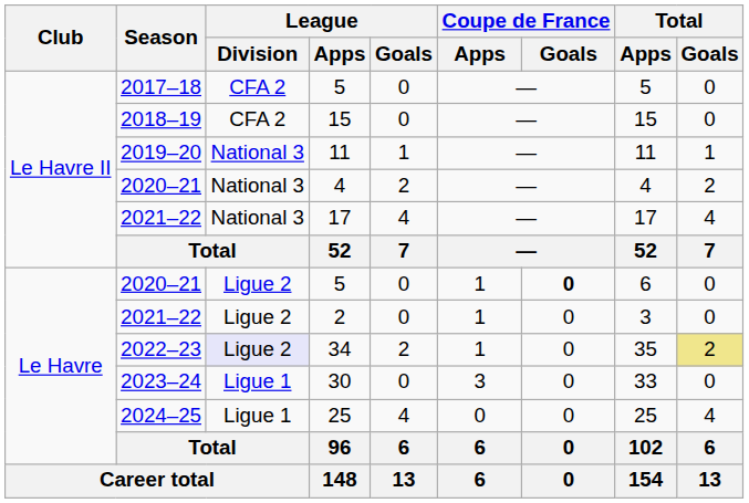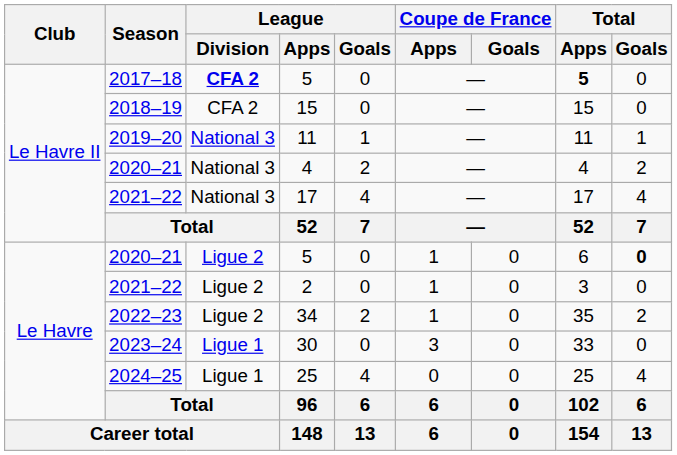 <table class="wikitable" style="text-align:center">
 <tr>
 <th rowspan="2">Club</th>
 <th rowspan="2">Season</th>
 <th colspan="3">League</th>
 <th colspan="2"><a href='#'>Coupe de France</a></th>
 <th colspan="2">Total</th>
 </tr>
 <tr>
 <th>Division</th>
 <th>Apps</th>
 <th>Goals</th>
 <th>Apps</th>
 <th>Goals</th>
 <th>Apps</th>
 <th>Goals</th>
 </tr>
 <tr>
 <td rowspan="6"><a href='#'>Le Havre II</a></td>
 <td><a href='#'>2017–18</a></td>
-<td><a href='#'>CFA 2</a></td>
+<td><strong><a href='#'>CFA 2</a></strong></td>
 <td>5</td>
 <td>0</td>
 <td colspan="2">—</td>
-<td>5</td>
+<td><strong>5</strong></td>
 <td>0</td>
 </tr>
 <tr>
 <td><a href='#'>2018–19</a></td>
 <td>CFA 2</td>
 <td>15</td>
 <td>0</td>
 <td colspan="2">—</td>
 <td>15</td>
 <td>0</td>
 </tr>
 <tr>
 <td><a href='#'>2019–20</a></td>
 <td><a href='#'>National 3</a></td>
 <td>11</td>
 <td>1</td>
 <td colspan="2">—</td>
 <td>11</td>
 <td>1</td>
 </tr>
 <tr>
 <td><a href='#'>2020–21</a></td>
 <td>National 3</td>
 <td>4</td>
 <td>2</td>
 <td colspan="2">—</td>
 <td>4</td>
 <td>2</td>
 </tr>
 <tr>
 <td><a href='#'>2021–22</a></td>
 <td>National 3</td>
 <td>17</td>
 <td>4</td>
 <td colspan="2">—</td>
 <td>17</td>
 <td>4</td>
 </tr>
 <tr>
 <th colspan="2">Total</th>
 <th>52</th>
 <th>7</th>
 <th colspan="2">—</th>
 <th>52</th>
 <th>7</th>
 </tr>
 <tr>
 <td rowspan="6"><a href='#'>Le Havre</a></td>
 <td><a href='#'>2020–21</a></td>
 <td><a href='#'>Ligue 2</a></td>
 <td>5</td>
 <td>0</td>
 <td>1</td>
+<td>0</td>
+<td>6</td>
 <td><strong>0</strong></td>
-<td>6</td>
-<td>0</td>
 </tr>
 <tr>
 <td><a href='#'>2021–22</a></td>
 <td>Ligue 2</td>
 <td>2</td>
 <td>0</td>
 <td>1</td>
 <td>0</td>
 <td>3</td>
 <td>0</td>
 </tr>
 <tr>
 <td><a href='#'>2022–23</a></td>
-<td style="background: lavender;">Ligue 2</td>
+<td>Ligue 2</td>
 <td>34</td>
 <td>2</td>
 <td>1</td>
 <td>0</td>
 <td>35</td>
-<td style="background: khaki;">2</td>
+<td>2</td>
 </tr>
 <tr>
 <td><a href='#'>2023–24</a></td>
 <td><a href='#'>Ligue 1</a></td>
 <td>30</td>
 <td>0</td>
 <td>3</td>
 <td>0</td>
 <td>33</td>
 <td>0</td>
 </tr>
 <tr>
 <td><a href='#'>2024–25</a></td>
 <td>Ligue 1</td>
 <td>25</td>
 <td>4</td>
 <td>0</td>
 <td>0</td>
 <td>25</td>
 <td>4</td>
 </tr>
 <tr>
 <th colspan="2">Total</th>
 <th>96</th>
 <th>6</th>
 <th>6</th>
 <th>0</th>
 <th>102</th>
 <th>6</th>
 </tr>
 <tr>
 <th colspan="3">Career total</th>
 <th>148</th>
 <th>13</th>
 <th>6</th>
 <th>0</th>
 <th>154</th>
 <th>13</th>
 </tr>
 </table>
